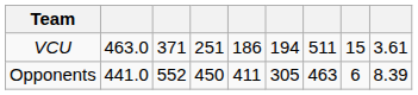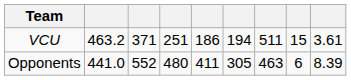 <table class="wikitable sortable">
 <tr>
 <th>Team</th>
 <th></th>
 <th></th>
 <th></th>
 <th></th>
 <th></th>
 <th></th>
 <th></th>
 <th></th>
 </tr>
 <tr style="text-align:center;">
 <td><em>VCU<strong></td>
-<td></strong>463.0<strong></td>
+<td></strong>463.2<strong></td>
 <td></strong>371<strong></td>
 <td></strong>251<strong></td>
 <td></strong>186<strong></td>
 <td></strong>194<strong></td>
 <td></strong>511<strong></td>
 <td></strong>15<strong></td>
 <td></strong>3.61<strong></td>
 </tr>
 <tr style="text-align:center;">
 <td>Opponents</td>
 <td>441.0</td>
 <td>552</td>
-<td>450</td>
+<td>480</td>
 <td>411</td>
 <td>305</td>
 <td>463</td>
 <td>6</td>
 <td>8.39</td>
 </tr>
 </table>
